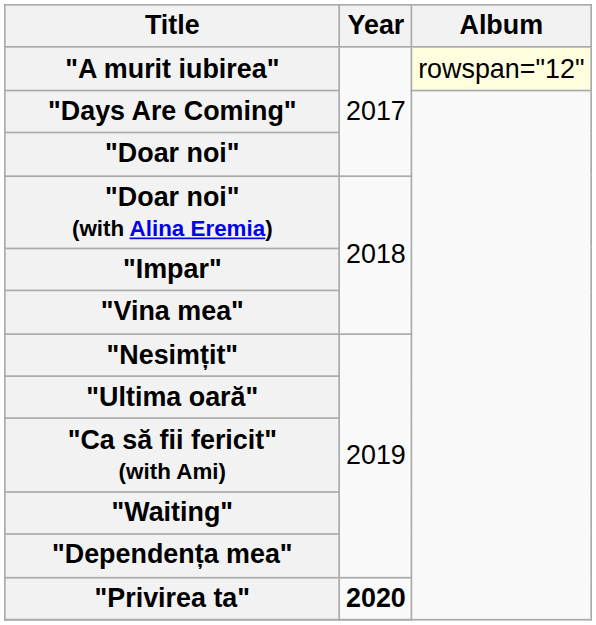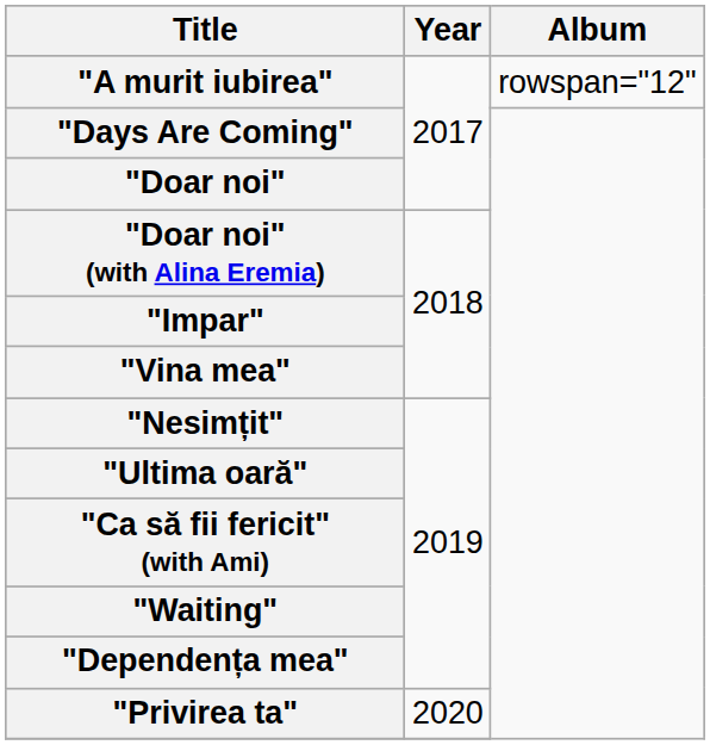 <table class="wikitable plainrowheaders" style="text-align:center;">
 <tr>
 <th scope="col" style="width:12em;" rowspan="1">Title</th>
 <th scope="col" rowspan="1">Year</th>
 <th scope="col" rowspan="1">Album</th>
 </tr>
 <tr>
 <th scope="row">"A murit iubirea"</th>
 <td rowspan="3">2017</td>
-<td style="background: lightyellow;">rowspan="12" </td>
+<td>rowspan="12" </td>
 </tr>
 <tr>
 <th scope="row">"Days Are Coming"</th>
 </tr>
 <tr>
 <th scope="row">"Doar noi"</th>
 </tr>
 <tr>
 <th scope="row">"Doar noi"<br><small>(with <a href='#'>Alina Eremia</a>)</small></th>
 <td rowspan="3">2018</td>
 </tr>
 <tr>
 <th scope="row">"Impar"</th>
 </tr>
 <tr>
 <th scope="row">"Vina mea"</th>
 </tr>
 <tr>
 <th scope="row">"Nesimțit"</th>
 <td rowspan="5">2019</td>
 </tr>
 <tr>
 <th scope="row">"Ultima oară"</th>
 </tr>
 <tr>
 <th scope="row">"Ca să fii fericit"<br><small>(with Ami)</small></th>
 </tr>
 <tr>
 <th scope="row">"Waiting"</th>
 </tr>
 <tr>
 <th scope="row">"Dependența mea"</th>
 </tr>
 <tr>
 <th scope="row">"Privirea ta"</th>
-<td rowspan="1"><strong>2020</strong></td>
+<td rowspan="1">2020</td>
 </tr>
 <tr>
 </tr>
 </table>
